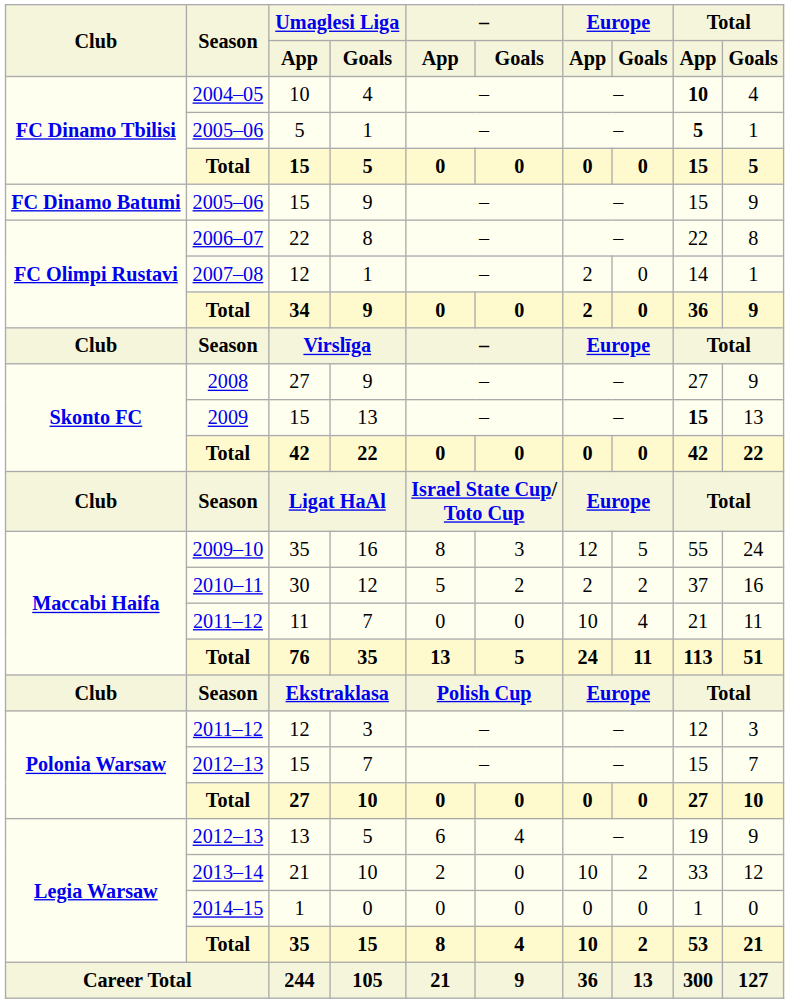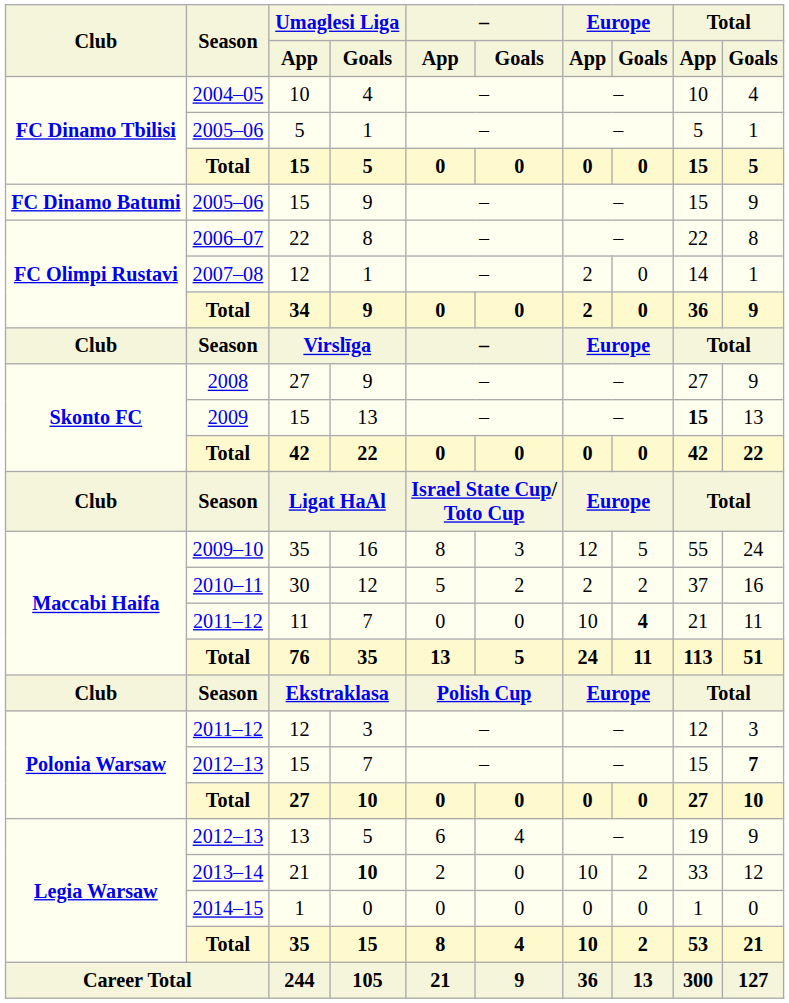 <table border=1 align=center cellpadding=4 cellspacing=2 style="text-align: center; background: ivory; font-size: 95%; border: 1px #aaaaaa solid; border-collapse: collapse; clear:center">
 <tr style="background:beige">
 <th rowspan="2">Club</th>
 <th rowspan="2">Season</th>
 <th colspan="2"><a href='#'>Umaglesi Liga</a></th>
 <th colspan="2">–</th>
 <th colspan="2"><a href='#'>Europe</a></th>
 <th colspan="2">Total</th>
 </tr>
 <tr style="background:beige">
 <th>App</th>
 <th>Goals</th>
 <th>App</th>
 <th>Goals</th>
 <th>App</th>
 <th>Goals</th>
 <th>App</th>
 <th>Goals</th>
 </tr>
 <tr>
 <td rowspan="3" align=center valign=center><strong><a href='#'>FC Dinamo Tbilisi</a></strong></td>
 <td><a href='#'>2004–05</a></td>
 <td>10</td>
 <td>4</td>
 <td colspan="2">–</td>
 <td colspan="2">–</td>
-<td><strong>10</strong></td>
+<td>10</td>
 <td>4</td>
 </tr>
 <tr>
 <td><a href='#'>2005–06</a></td>
 <td>5</td>
 <td>1</td>
 <td colspan="2">–</td>
 <td colspan="2">–</td>
-<td><strong>5</strong></td>
+<td>5</td>
 <td>1</td>
 </tr>
 <tr style="background:lemonchiffon">
 <th>Total</th>
 <th>15</th>
 <th>5</th>
 <th>0</th>
 <th>0</th>
 <th>0</th>
 <th>0</th>
 <th>15</th>
 <th>5</th>
 </tr>
 <tr>
 <td align=center valign=center><strong><a href='#'>FC Dinamo Batumi</a></strong></td>
 <td><a href='#'>2005–06</a></td>
 <td>15</td>
 <td>9</td>
 <td colspan="2">–</td>
 <td colspan="2">–</td>
 <td>15</td>
 <td>9</td>
 </tr>
 <tr>
 <td rowspan="3" align=center valign=center><strong><a href='#'>FC Olimpi Rustavi</a></strong></td>
 <td><a href='#'>2006–07</a></td>
 <td>22</td>
 <td>8</td>
 <td colspan="2">–</td>
 <td colspan="2">–</td>
 <td>22</td>
 <td>8</td>
 </tr>
 <tr>
 <td><a href='#'>2007–08</a></td>
 <td>12</td>
 <td>1</td>
 <td colspan="2">–</td>
 <td>2</td>
 <td>0</td>
 <td>14</td>
 <td>1</td>
 </tr>
 <tr style="background:lemonchiffon">
 <th>Total</th>
 <th>34</th>
 <th>9</th>
 <th>0</th>
 <th>0</th>
 <th>2</th>
 <th>0</th>
 <th>36</th>
 <th>9</th>
 </tr>
 <tr style="background:beige">
 <th>Club</th>
 <th>Season</th>
 <th colspan="2"><a href='#'>Virslīga</a></th>
 <th colspan="2">–</th>
 <th colspan="2"><a href='#'>Europe</a></th>
 <th colspan="2">Total</th>
 </tr>
 <tr>
 <td rowspan="3" align=center valign=center><strong><a href='#'>Skonto FC</a></strong></td>
 <td><a href='#'>2008</a></td>
 <td>27</td>
 <td>9</td>
 <td colspan="2">–</td>
 <td colspan="2">–</td>
 <td>27</td>
 <td>9</td>
 </tr>
 <tr>
 <td><a href='#'>2009</a></td>
 <td>15</td>
 <td>13</td>
 <td colspan="2">–</td>
 <td colspan="2">–</td>
 <td><strong>15</strong></td>
 <td>13</td>
 </tr>
 <tr style="background:lemonchiffon">
 <th>Total</th>
 <th>42</th>
 <th>22</th>
 <th>0</th>
 <th>0</th>
 <th>0</th>
 <th>0</th>
 <th>42</th>
 <th>22</th>
 </tr>
 <tr style="background:beige">
 <th>Club</th>
 <th>Season</th>
 <th colspan="2"><a href='#'>Ligat HaAl</a></th>
 <th colspan="2"><a href='#'>Israel State Cup</a>/<br><a href='#'>Toto Cup</a></th>
 <th colspan="2"><a href='#'>Europe</a></th>
 <th colspan="2">Total</th>
 </tr>
 <tr>
 <td rowspan="4" align=center valign=center><strong><a href='#'>Maccabi Haifa</a></strong></td>
 <td><a href='#'>2009–10</a></td>
 <td>35</td>
 <td>16</td>
 <td>8</td>
 <td>3</td>
 <td>12</td>
 <td>5</td>
 <td>55</td>
 <td>24</td>
 </tr>
 <tr>
 <td><a href='#'>2010–11</a></td>
 <td>30</td>
 <td>12</td>
 <td>5</td>
 <td>2</td>
 <td>2</td>
 <td>2</td>
 <td>37</td>
 <td>16</td>
 </tr>
 <tr>
 <td><a href='#'>2011–12</a></td>
 <td>11</td>
 <td>7</td>
 <td>0</td>
 <td>0</td>
 <td>10</td>
-<td>4</td>
+<td><strong>4</strong></td>
 <td>21</td>
 <td>11</td>
 </tr>
 <tr style="background:lemonchiffon">
 <th>Total</th>
 <th>76</th>
 <th>35</th>
 <th>13</th>
 <th>5</th>
 <th>24</th>
 <th>11</th>
 <th>113</th>
 <th>51</th>
 </tr>
 <tr style="background:beige">
 <th>Club</th>
 <th>Season</th>
 <th colspan="2"><a href='#'>Ekstraklasa</a></th>
 <th colspan="2"><a href='#'>Polish Cup</a></th>
 <th colspan="2"><a href='#'>Europe</a></th>
 <th colspan="2">Total</th>
 </tr>
 <tr>
 <td rowspan="3" align=center valign=center><strong><a href='#'>Polonia Warsaw</a></strong></td>
 <td><a href='#'>2011–12</a></td>
 <td>12</td>
 <td>3</td>
 <td colspan="2">–</td>
 <td colspan="2">–</td>
 <td>12</td>
 <td>3</td>
 </tr>
 <tr>
 <td><a href='#'>2012–13</a></td>
 <td>15</td>
 <td>7</td>
 <td colspan="2">–</td>
 <td colspan="2">–</td>
 <td>15</td>
-<td>7</td>
+<td><strong>7</strong></td>
 </tr>
 <tr style="background:lemonchiffon">
 <th>Total</th>
 <th>27</th>
 <th>10</th>
 <th>0</th>
 <th>0</th>
 <th>0</th>
 <th>0</th>
 <th>27</th>
 <th>10</th>
 </tr>
 <tr>
 <td rowspan="4" valign=center><strong><a href='#'>Legia Warsaw</a></strong></td>
 <td><a href='#'>2012–13</a></td>
 <td>13</td>
 <td>5</td>
 <td>6</td>
 <td>4</td>
 <td colspan="2">–</td>
 <td>19</td>
 <td>9</td>
 </tr>
 <tr>
 <td><a href='#'>2013–14</a></td>
 <td>21</td>
-<td>10</td>
+<td><strong>10</strong></td>
 <td>2</td>
 <td>0</td>
 <td>10</td>
 <td>2</td>
 <td>33</td>
 <td>12</td>
 </tr>
 <tr>
 <td><a href='#'>2014–15</a></td>
 <td>1</td>
 <td>0</td>
 <td>0</td>
 <td>0</td>
 <td>0</td>
 <td>0</td>
 <td>1</td>
 <td>0</td>
 </tr>
 <tr style="background:lemonchiffon">
 <th>Total</th>
 <th>35</th>
 <th>15</th>
 <th>8</th>
 <th>4</th>
 <th>10</th>
 <th>2</th>
 <th>53</th>
 <th>21</th>
 </tr>
 <tr style="background:beige">
 <th colspan="2">Career Total</th>
 <th>244</th>
 <th>105</th>
 <th>21</th>
 <th>9</th>
 <th>36</th>
 <th>13</th>
 <th>300</th>
 <th>127</th>
 </tr>
 </table>
